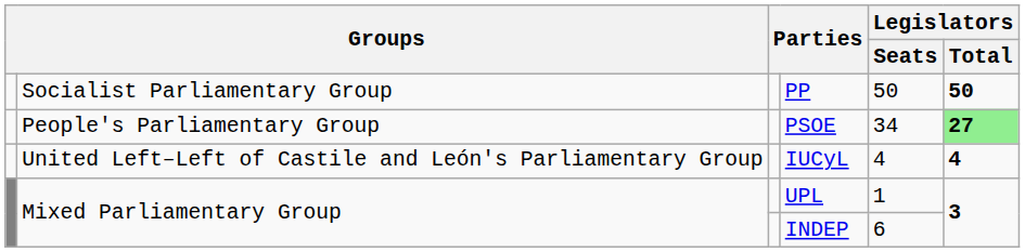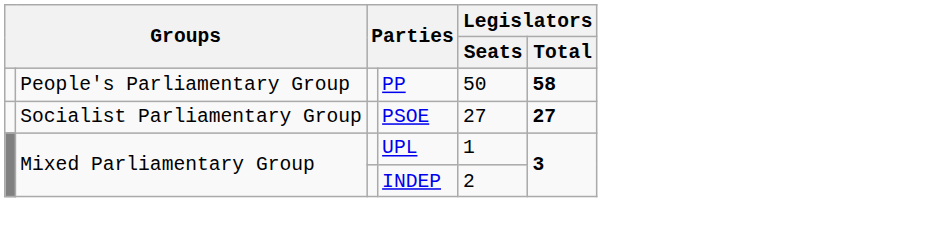 <table class="wikitable" style="text-align:left;">
 <tr>
 <th rowspan="2" colspan="2">Groups</th>
 <th rowspan="2" colspan="2">Parties</th>
 <th colspan="2">Legislators</th>
 </tr>
 <tr>
 <th>Seats</th>
 <th>Total</th>
 </tr>
 <tr>
 <td width="1" style="color:inherit;background:"></td>
-<td>Socialist Parliamentary Group</td>
+<td>People's Parliamentary Group</td>
 <td width="1" style="color:inherit;background:"></td>
 <td><a href='#'>PP</a></td>
 <td>50</td>
-<td><strong>50</strong></td>
+<td><strong>58</strong></td>
 </tr>
 <tr>
 <td style="color:inherit;background:"></td>
-<td>People's Parliamentary Group</td>
+<td>Socialist Parliamentary Group</td>
 <td style="color:inherit;background:"></td>
 <td><a href='#'>PSOE</a></td>
-<td>34</td>
-<td style="background: lightgreen;"><strong>27</strong></td>
-</tr>
-<tr>
-<td style="color:inherit;background:"></td>
-<td>United Left–Left of Castile and León's Parliamentary Group</td>
-<td style="color:inherit;background:"></td>
-<td align="left"><a href='#'>IUCyL</a></td>
-<td>4</td>
-<td><strong>4</strong></td>
+<td>27</td>
+<td><strong>27</strong></td>
 </tr>
 <tr>
 <td rowspan="2" bgcolor="gray"></td>
 <td rowspan="2">Mixed Parliamentary Group</td>
 <td style="color:inherit;background:"></td>
 <td align="left"><a href='#'>UPL</a></td>
 <td>1</td>
 <td rowspan="2"><strong>3</strong></td>
 </tr>
 <tr>
 <td style="color:inherit;background:"></td>
 <td align="left"><a href='#'>INDEP</a></td>
-<td>6</td>
+<td>2</td>
 </tr>
 </table>
